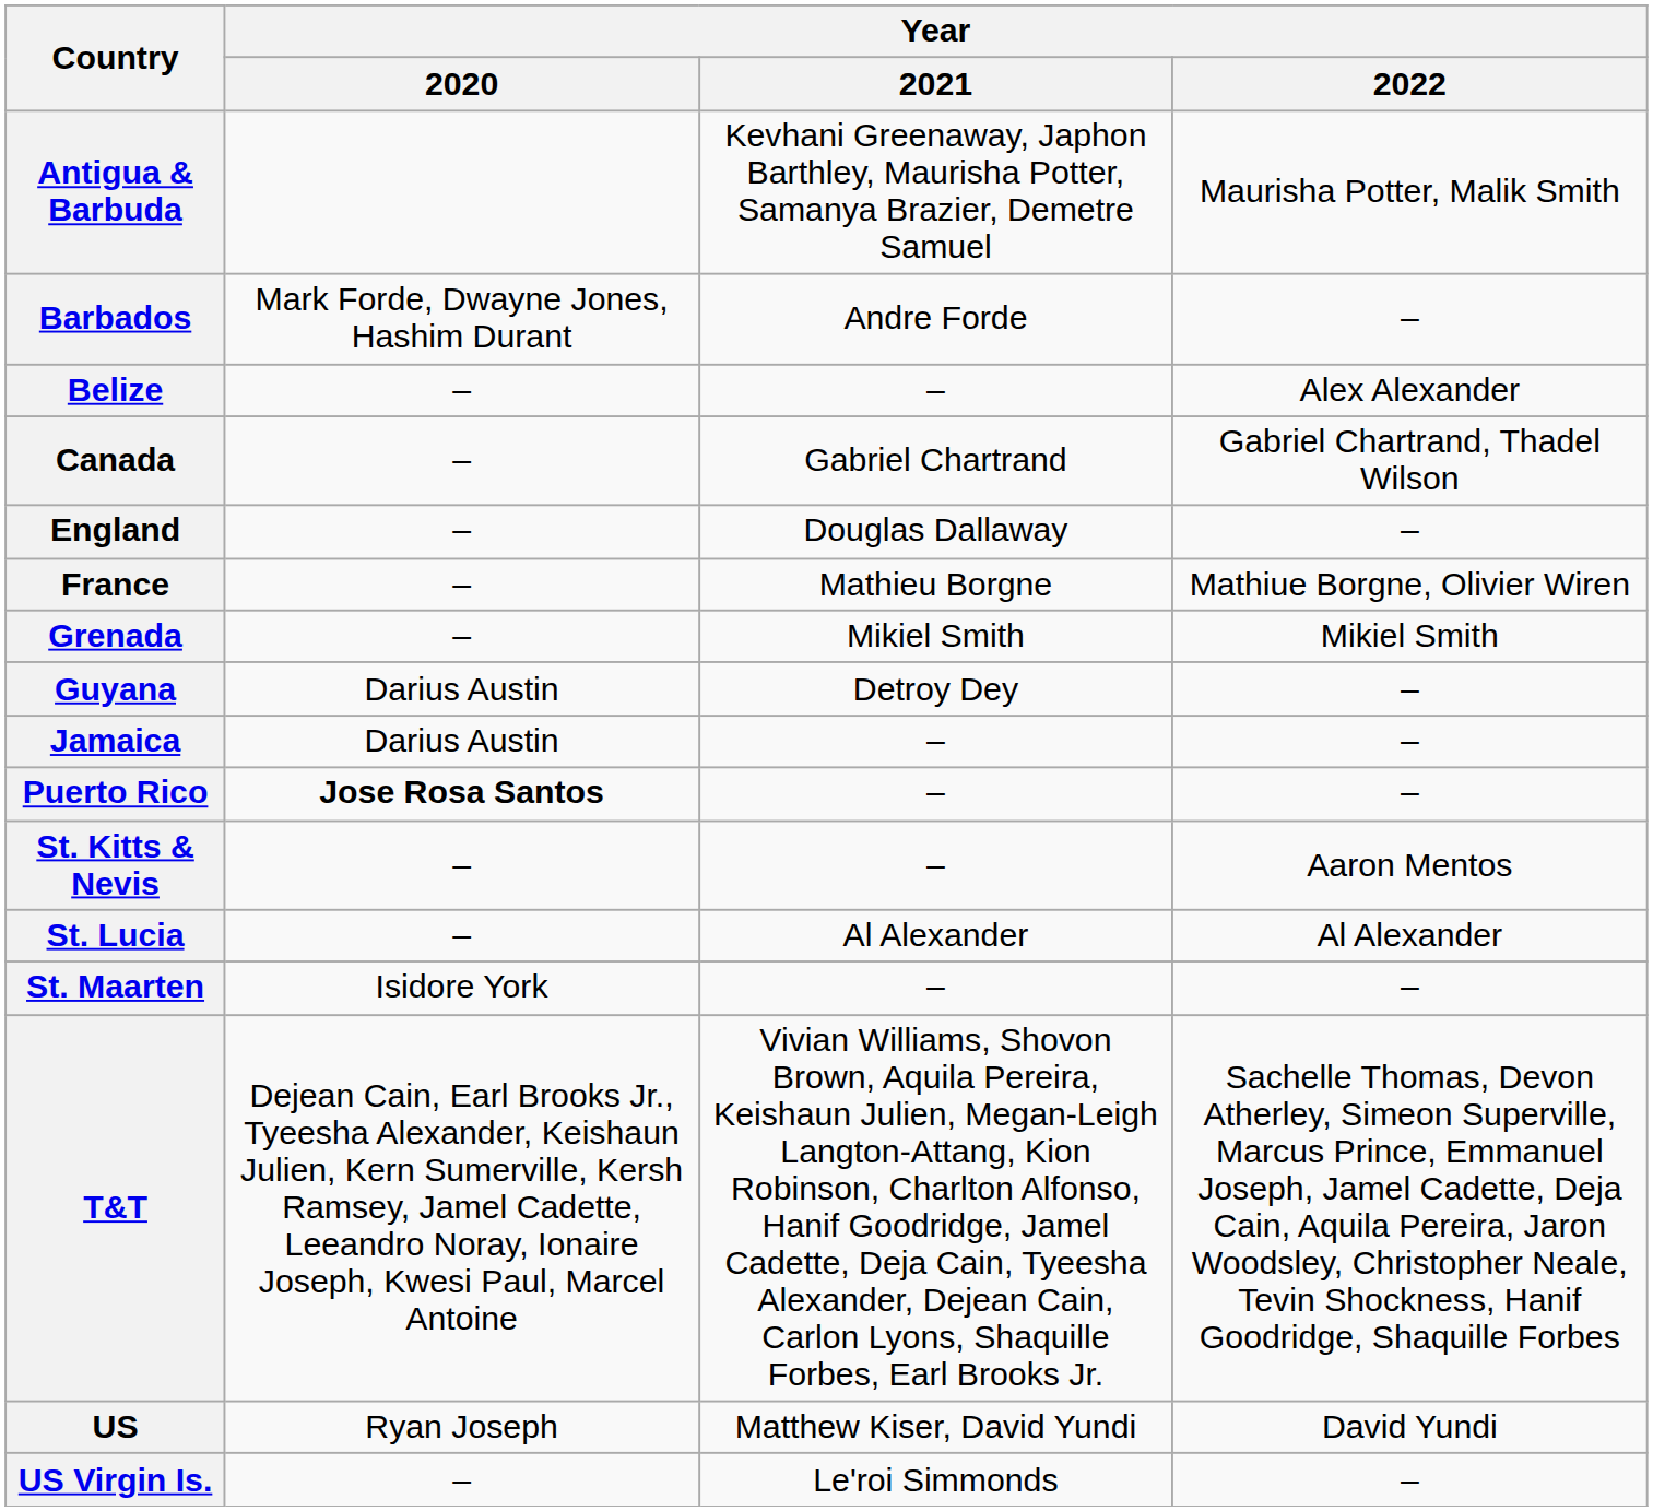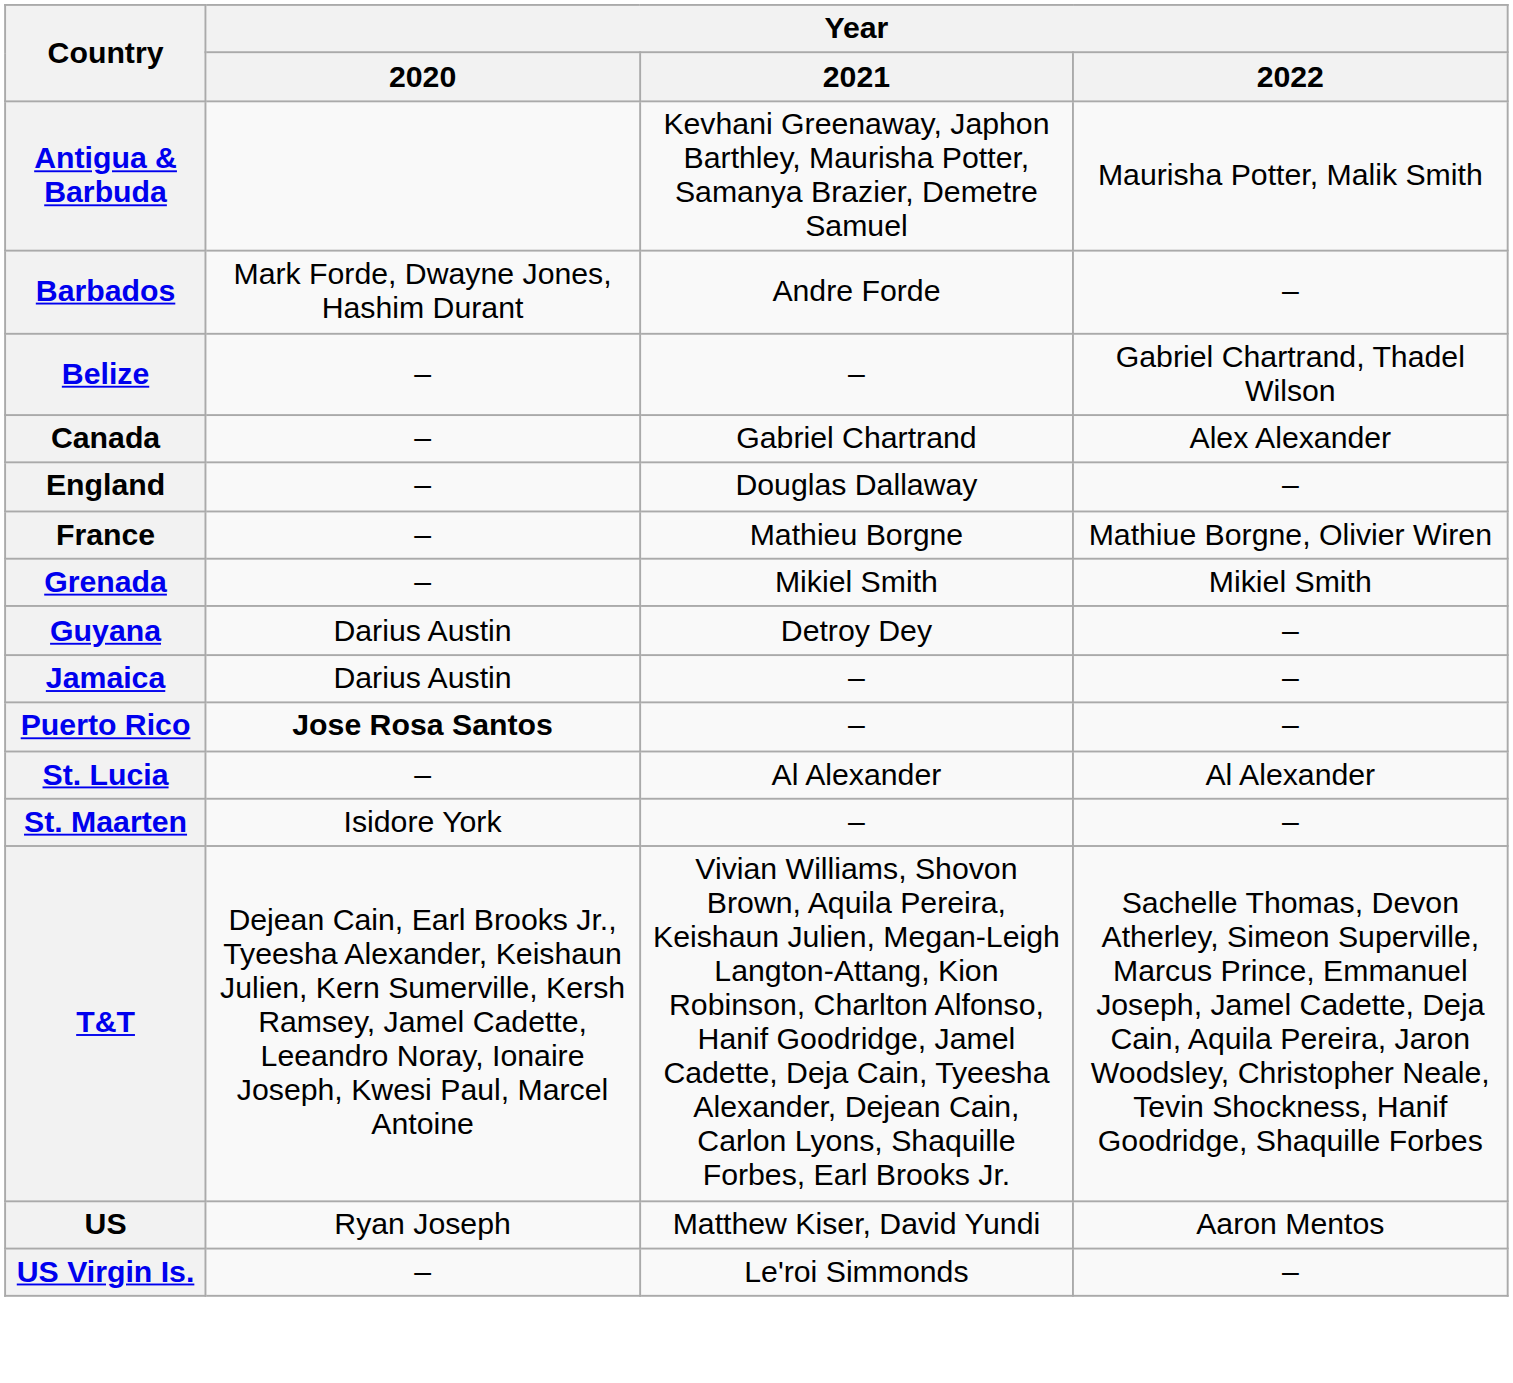 <table class="wikitable plainrowheaders" style="margin-left: auto; margin-right: auto; border: none; text-align:center; font-size:100%" width="90%;">
 <tr>
 <th style="width:7%;" rowspan="2">Country</th>
 <th style="width:40%;" colspan="3">Year</th>
 </tr>
 <tr>
 <th style="width:20%;">2020</th>
 <th style="width:20%;">2021</th>
 <th style="width:20%;">2022</th>
 </tr>
 <tr>
 <th scope="row" style="text-align:center;"><a href='#'>Antigua & Barbuda</a></th>
 <td></td>
 <td>Kevhani Greenaway, Japhon Barthley, Maurisha Potter, Samanya Brazier, Demetre Samuel</td>
 <td>Maurisha Potter, Malik Smith</td>
 </tr>
 <tr>
 <th scope="row" style="text-align:center;"><a href='#'>Barbados</a></th>
 <td>Mark Forde, Dwayne Jones, Hashim Durant</td>
 <td>Andre Forde</td>
 <td>–</td>
 </tr>
 <tr>
 <th scope="row" style="text-align:center;"><a href='#'>Belize</a></th>
 <td>–</td>
 <td>–</td>
-<td>Alex Alexander</td>
+<td>Gabriel Chartrand, Thadel Wilson</td>
 </tr>
 <tr>
 <th scope="row" style="text-align:center;">Canada</th>
 <td>–</td>
 <td>Gabriel Chartrand</td>
-<td>Gabriel Chartrand, Thadel Wilson</td>
+<td>Alex Alexander</td>
 </tr>
 <tr>
 <th scope="row" style="text-align:center;">England</th>
 <td>–</td>
 <td>Douglas Dallaway</td>
 <td>–</td>
 </tr>
 <tr>
 <th scope="row" style="text-align:center;">France</th>
 <td>–</td>
 <td>Mathieu Borgne</td>
 <td>Mathiue Borgne, Olivier Wiren</td>
 </tr>
 <tr>
 <th scope="row" style="text-align:center;"><a href='#'>Grenada</a></th>
 <td>–</td>
 <td>Mikiel Smith</td>
 <td>Mikiel Smith</td>
 </tr>
 <tr>
 <th scope="row" style="text-align:center;"><a href='#'>Guyana</a></th>
 <td>Darius Austin</td>
 <td>Detroy Dey</td>
 <td>–</td>
 </tr>
 <tr>
 <th scope="row" style="text-align:center;"><a href='#'>Jamaica</a></th>
 <td>Darius Austin</td>
 <td>–</td>
 <td>–</td>
 </tr>
 <tr>
 <th scope="row" style="text-align:center;"><a href='#'>Puerto Rico</a></th>
 <td><strong>Jose Rosa Santos</strong></td>
 <td>–</td>
 <td>–</td>
 </tr>
 <tr>
-<th scope="row" style="text-align:center;"><a href='#'>St. Kitts & Nevis</a></th>
-<td>–</td>
-<td>–</td>
-<td>Aaron Mentos</td>
-</tr>
-<tr>
 <th scope="row" style="text-align:center;"><a href='#'>St. Lucia</a></th>
 <td>–</td>
 <td>Al Alexander</td>
 <td>Al Alexander</td>
 </tr>
 <tr>
 <th scope="row" style="text-align:center;"><a href='#'>St. Maarten</a></th>
 <td>Isidore York</td>
 <td>–</td>
 <td>–</td>
 </tr>
 <tr>
 <th scope="row" style="text-align:center;"><a href='#'>T&T</a></th>
 <td>Dejean Cain, Earl Brooks Jr., Tyeesha Alexander, Keishaun Julien, Kern Sumerville, Kersh Ramsey, Jamel Cadette, Leeandro Noray, Ionaire Joseph, Kwesi Paul, Marcel Antoine</td>
 <td>Vivian Williams, Shovon Brown, Aquila Pereira, Keishaun Julien, Megan-Leigh Langton-Attang, Kion Robinson, Charlton Alfonso, Hanif Goodridge, Jamel Cadette, Deja Cain, Tyeesha Alexander, Dejean Cain, Carlon Lyons, Shaquille Forbes, Earl Brooks Jr.</td>
 <td>Sachelle Thomas, Devon Atherley, Simeon Superville, Marcus Prince, Emmanuel Joseph, Jamel Cadette, Deja Cain, Aquila Pereira, Jaron Woodsley, Christopher Neale, Tevin Shockness, Hanif Goodridge, Shaquille Forbes</td>
 </tr>
 <tr>
 <th scope="row" style="text-align:center;">US</th>
 <td>Ryan Joseph</td>
 <td>Matthew Kiser, David Yundi</td>
-<td>David Yundi</td>
+<td>Aaron Mentos</td>
 </tr>
 <tr>
 <th scope="row" style="text-align:center;"><a href='#'>US Virgin Is.</a></th>
 <td>–</td>
 <td>Le'roi Simmonds</td>
 <td>–</td>
 </tr>
 <tr>
 </tr>
 </table>
